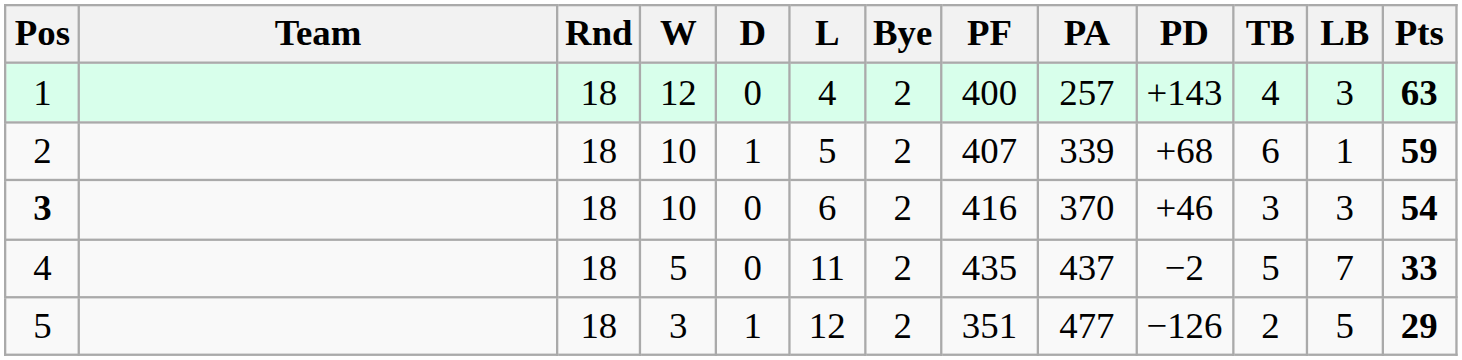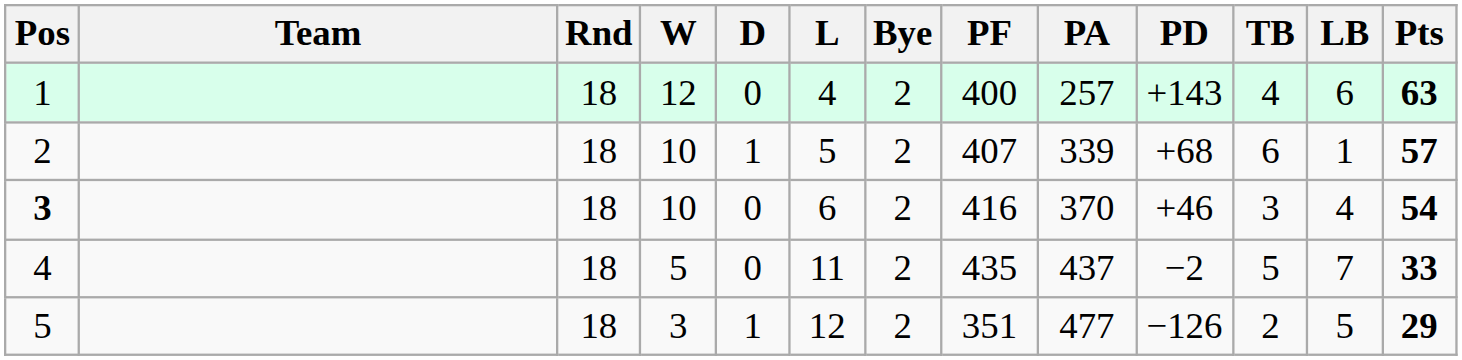 <table class="wikitable" style="text-align:center">
 <tr>
 <th style="width:25px">Pos</th>
 <th style="width:200px">Team</th>
 <th style="width:25px">Rnd</th>
 <th style="width:25px">W</th>
 <th style="width:25px">D</th>
 <th style="width:25px">L</th>
 <th style="width:25px">Bye</th>
 <th style="width:35px">PF</th>
 <th style="width:35px">PA</th>
 <th style="width:35px">PD</th>
 <th style="width:25px">TB</th>
 <th style="width:25px">LB</th>
 <th style="width:25px">Pts</th>
 </tr>
 <tr style="background:#d8ffeb">
 <td>1</td>
 <td align=left></td>
 <td>18</td>
 <td>12</td>
 <td>0</td>
 <td>4</td>
 <td>2</td>
 <td>400</td>
 <td>257</td>
 <td>+143</td>
 <td>4</td>
-<td>3</td>
+<td>6</td>
 <td><strong>63</strong></td>
 </tr>
 <tr>
 <td>2</td>
 <td align=left></td>
 <td>18</td>
 <td>10</td>
 <td>1</td>
 <td>5</td>
 <td>2</td>
 <td>407</td>
 <td>339</td>
 <td>+68</td>
 <td>6</td>
 <td>1</td>
-<td><strong>59</strong></td>
+<td><strong>57</strong></td>
 </tr>
 <tr>
 <td><strong>3</strong></td>
 <td align=left></td>
 <td>18</td>
 <td>10</td>
 <td>0</td>
 <td>6</td>
 <td>2</td>
 <td>416</td>
 <td>370</td>
 <td>+46</td>
 <td>3</td>
-<td>3</td>
+<td>4</td>
 <td><strong>54</strong></td>
 </tr>
 <tr>
 <td>4</td>
 <td align=left></td>
 <td>18</td>
 <td>5</td>
 <td>0</td>
 <td>11</td>
 <td>2</td>
 <td>435</td>
 <td>437</td>
 <td>−2</td>
 <td>5</td>
 <td>7</td>
 <td><strong>33</strong></td>
 </tr>
 <tr>
 <td>5</td>
 <td align=left></td>
 <td>18</td>
 <td>3</td>
 <td>1</td>
 <td>12</td>
 <td>2</td>
 <td>351</td>
 <td>477</td>
 <td>−126</td>
 <td>2</td>
 <td>5</td>
 <td><strong>29</strong></td>
 </tr>
 </table>
